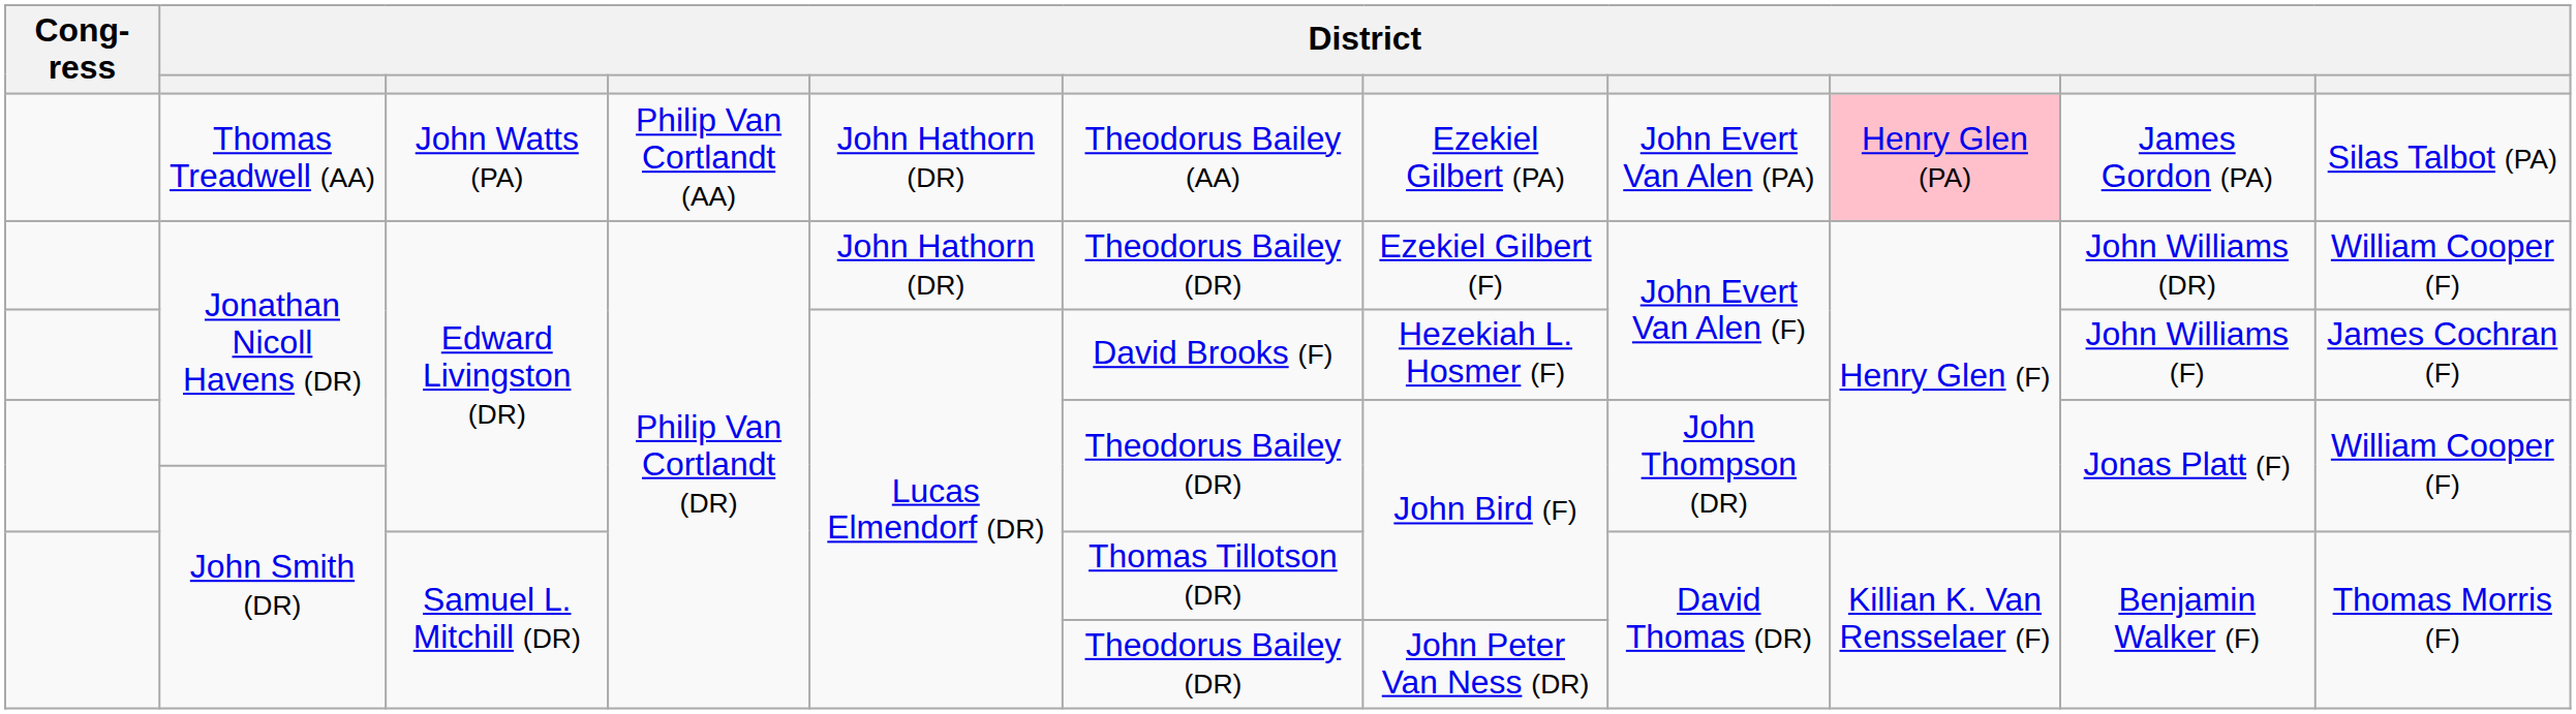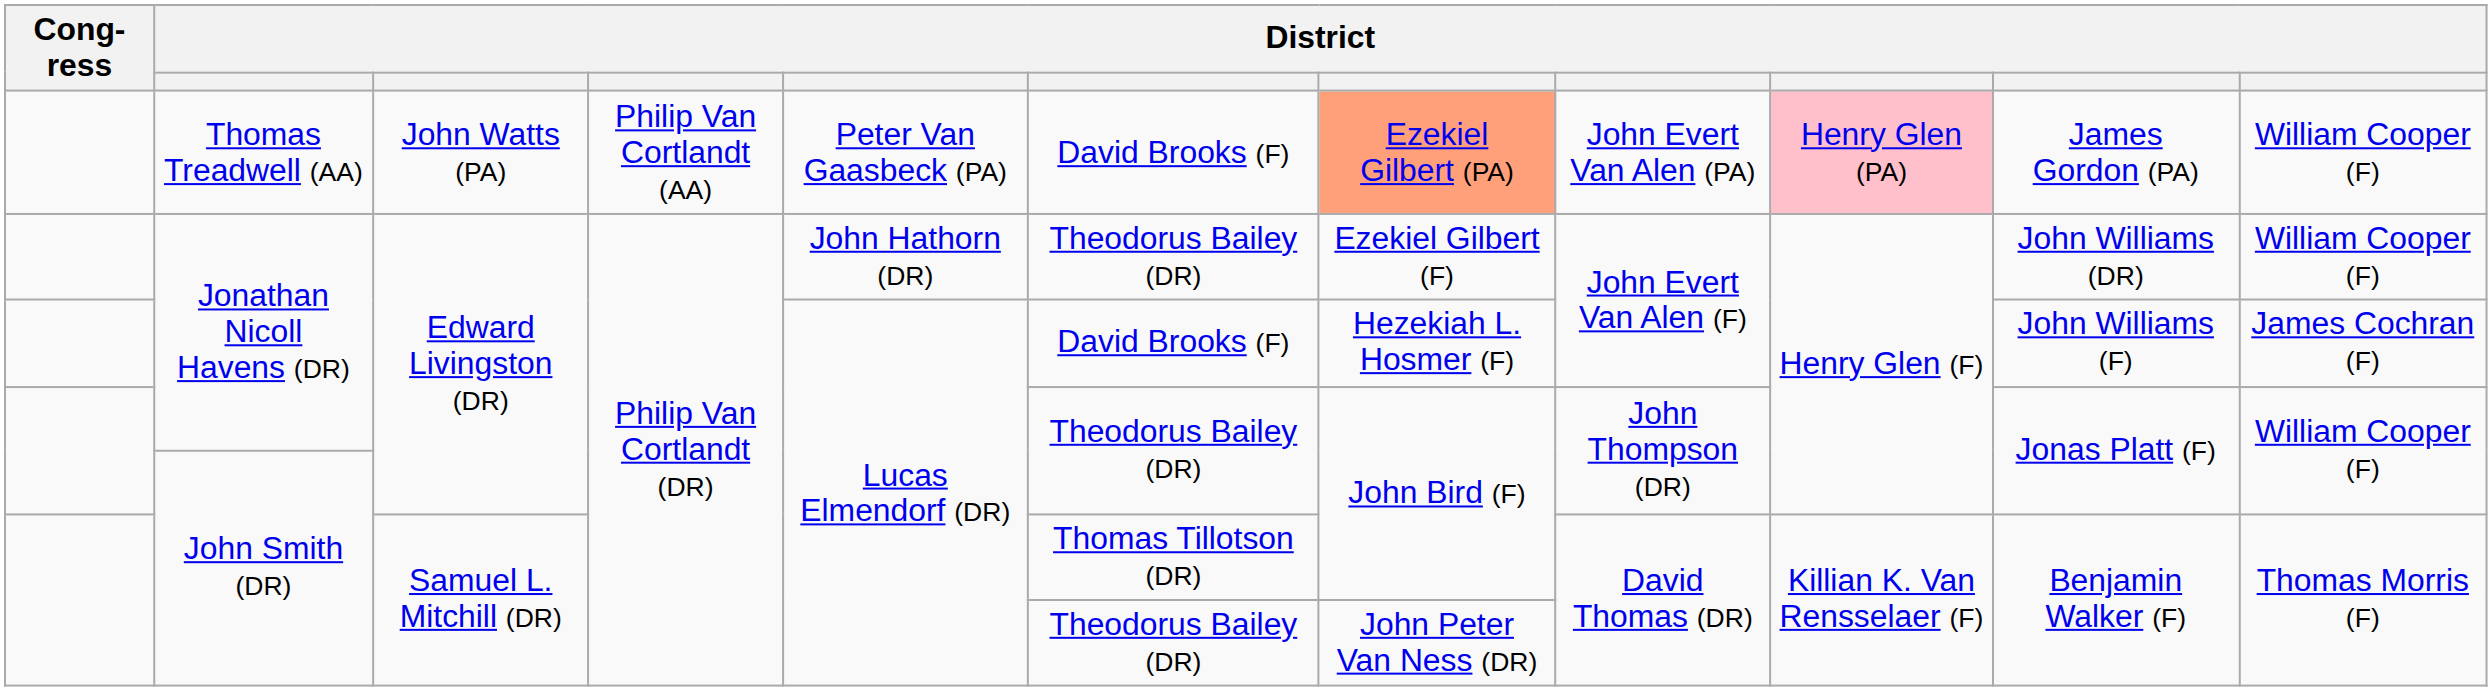 <table class=wikitable style="text-align:center">
 <tr>
 <th rowspan=2>Cong­ress</th>
 <th colspan=10>District</th>
 </tr>
 <tr>
 <th></th>
 <th></th>
 <th></th>
 <th></th>
 <th></th>
 <th></th>
 <th></th>
 <th></th>
 <th></th>
 <th></th>
 </tr>
 <tr style="height:2.5em">
 <td><strong></strong> </td>
 <td><a href='#'>Thomas<br>Treadwell</a> <small>(AA)</small></td>
 <td><a href='#'>John Watts</a> <small>(PA)</small></td>
 <td><a href='#'>Philip Van<br>Cortlandt</a> <small>(AA)</small></td>
-<td><a href='#'>John Hathorn</a> <small>(DR)</small></td>
-<td><a href='#'>Theodorus Bailey</a> <small>(AA)</small></td>
-<td><a href='#'>Ezekiel<br>Gilbert</a> <small>(PA)</small></td>
+<td><a href='#'>Peter Van<br>Gaasbeck</a> <small>(PA)</small></td>
+<td><a href='#'>David Brooks</a> <small>(F)</small></td>
+<td style="background: lightsalmon;"><a href='#'>Ezekiel<br>Gilbert</a> <small>(PA)</small></td>
 <td><a href='#'>John Evert<br>Van Alen</a> <small>(PA)</small></td>
 <td style="background: pink;"><a href='#'>Henry Glen</a> <small>(PA)</small></td>
 <td><a href='#'>James<br>Gordon</a> <small>(PA)</small></td>
-<td><a href='#'>Silas Talbot</a> <small>(PA)</small></td>
+<td><a href='#'>William Cooper</a> <small>(F)</small></td>
 </tr>
 <tr style="height:2.5em">
 <td><strong></strong> </td>
 <td rowspan=3 ><a href='#'>Jonathan Nicoll<br>Havens</a> <small>(DR)</small></td>
 <td rowspan=4 ><a href='#'>Edward<br>Livingston</a> <small>(DR)</small></td>
 <td rowspan=6 ><a href='#'>Philip Van<br>Cortlandt</a> <small>(DR)</small></td>
 <td><a href='#'>John Hathorn</a> <small>(DR)</small></td>
 <td><a href='#'>Theodorus Bailey</a> <small>(DR)</small></td>
 <td><a href='#'>Ezekiel Gilbert</a> <small>(F)</small></td>
 <td rowspan=2 ><a href='#'>John Evert<br>Van Alen</a> <small>(F)</small></td>
 <td rowspan=4 ><a href='#'>Henry Glen</a> <small>(F)</small></td>
 <td><a href='#'>John Williams</a> <small>(DR)</small></td>
 <td><a href='#'>William Cooper</a> <small>(F)</small></td>
 </tr>
 <tr style="height:2.5em">
 <td><strong></strong> </td>
 <td rowspan=5 ><a href='#'>Lucas<br>Elmendorf</a> <small>(DR)</small></td>
 <td><a href='#'>David Brooks</a> <small>(F)</small></td>
 <td><a href='#'>Hezekiah L.<br>Hosmer</a> <small>(F)</small></td>
 <td><a href='#'>John Williams</a> <small>(F)</small></td>
 <td><a href='#'>James Cochran</a> <small>(F)</small></td>
 </tr>
 <tr style="height:2em">
 <td rowspan=2><strong></strong> </td>
 <td rowspan=2 ><a href='#'>Theodorus Bailey</a> <small>(DR)</small></td>
 <td rowspan=3 ><a href='#'>John Bird</a> <small>(F)</small></td>
 <td rowspan=2 ><a href='#'>John<br>Thompson</a> <small>(DR)</small></td>
 <td rowspan=2 ><a href='#'>Jonas Platt</a> <small>(F)</small></td>
 <td rowspan=2 ><a href='#'>William Cooper</a> <small>(F)</small></td>
 </tr>
 <tr style="height:2em">
 <td rowspan=3 ><a href='#'>John Smith</a> <small>(DR)</small></td>
 </tr>
 <tr style="height:2em">
 <td rowspan=2><strong></strong> </td>
 <td rowspan=2 ><a href='#'>Samuel L.<br>Mitchill</a> <small>(DR)</small></td>
 <td><a href='#'>Thomas Tillotson</a> <small>(DR)</small></td>
 <td rowspan=2 ><a href='#'>David<br>Thomas</a> <small>(DR)</small></td>
 <td rowspan=2 ><a href='#'>Killian K. Van<br>Rensselaer</a> <small>(F)</small></td>
 <td rowspan=2 ><a href='#'>Benjamin<br>Walker</a> <small>(F)</small></td>
 <td rowspan=2 ><a href='#'>Thomas Morris</a> <small>(F)</small></td>
 </tr>
 <tr style="height:2em">
 <td><a href='#'>Theodorus Bailey</a> <small>(DR)</small></td>
 <td><a href='#'>John Peter<br>Van Ness</a> <small>(DR)</small></td>
 </tr>
 </table>
